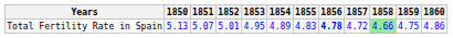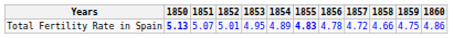 <table class="wikitable " style="text-align:right">
 <tr>
 <th>Years</th>
 <th>1850</th>
 <th>1851</th>
 <th>1852</th>
 <th>1853</th>
 <th>1854</th>
 <th>1855</th>
 <th>1856</th>
 <th>1857</th>
 <th>1858</th>
 <th>1859</th>
 <th>1860</th>
 </tr>
 <tr>
 <td align="left">Total Fertility Rate in Spain</td>
-<td style="text-align:right; color:blue;">5.13</td>
+<td style="text-align:right; color:blue;"><strong>5.13</strong></td>
 <td style="text-align:right; color:blue;">5.07</td>
 <td style="text-align:right; color:blue;">5.01</td>
 <td style="text-align:right; color:blue;">4.95</td>
 <td style="text-align:right; color:blue;">4.89</td>
-<td style="text-align:right; color:blue;">4.83</td>
-<td style="text-align:right; color:blue;"><strong>4.78</strong></td>
+<td style="text-align:right; color:blue;"><strong>4.83</strong></td>
+<td style="text-align:right; color:blue;">4.78</td>
 <td style="text-align:right; color:blue;">4.72</td>
-<td style="background: lightgreen; text-align:right; color:blue;">4.66</td>
+<td style="text-align:right; color:blue;">4.66</td>
 <td style="text-align:right; color:blue;">4.75</td>
 <td style="text-align:right; color:blue;">4.86</td>
 </tr>
 </table>
